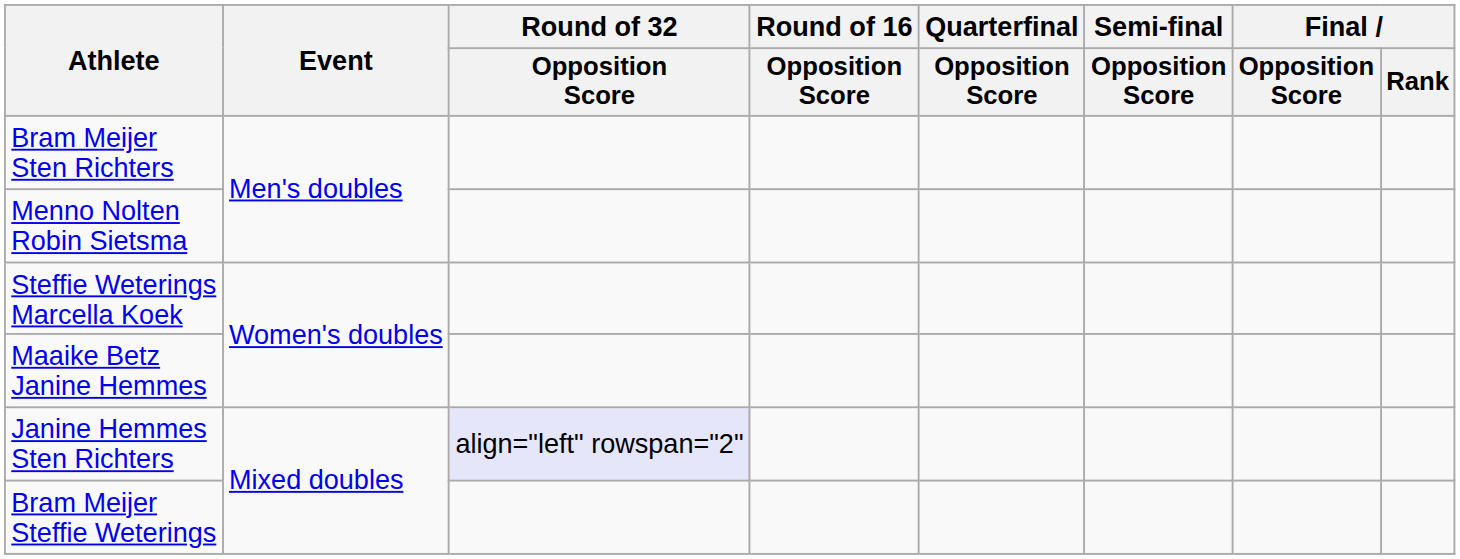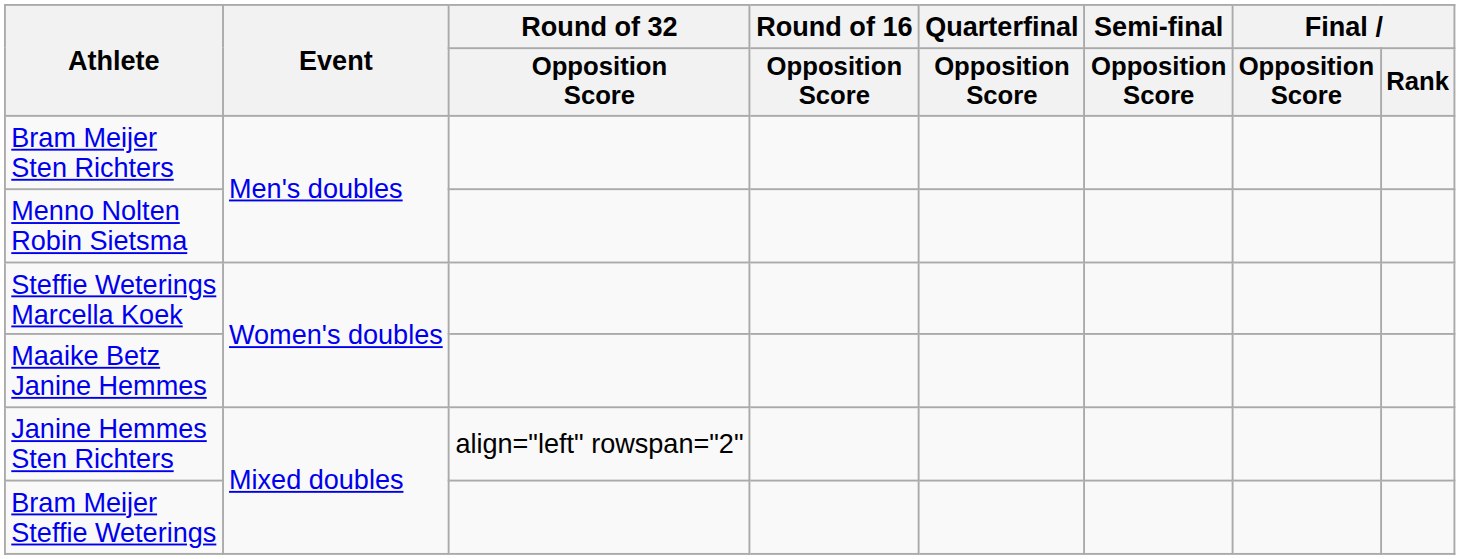 <table class="wikitable" style="font-size:90%">
 <tr>
 <th rowspan=2>Athlete</th>
 <th rowspan=2>Event</th>
 <th>Round of 32</th>
 <th>Round of 16</th>
 <th>Quarterfinal</th>
 <th>Semi-final</th>
 <th colspan=2>Final / </th>
 </tr>
 <tr style=font-size:95%>
 <th>Opposition<br>Score</th>
 <th>Opposition<br>Score</th>
 <th>Opposition<br>Score</th>
 <th>Opposition<br>Score</th>
 <th>Opposition<br>Score</th>
 <th>Rank</th>
 </tr>
 <tr align=center>
 <td align="left"><a href='#'>Bram Meijer</a><br><a href='#'>Sten Richters</a></td>
 <td align="left" rowspan="2"><a href='#'>Men's doubles</a></td>
 <td></td>
 <td></td>
 <td></td>
 <td></td>
 <td></td>
 </tr>
 <tr align=center|>
 <td align="left"><a href='#'>Menno Nolten</a><br><a href='#'>Robin Sietsma</a></td>
 <td></td>
 <td></td>
 <td></td>
 <td></td>
 <td></td>
 <td></td>
 </tr>
 <tr align=center>
 <td align="left"><a href='#'>Steffie Weterings</a><br><a href='#'>Marcella Koek</a></td>
 <td align="left" rowspan="2"><a href='#'>Women's doubles</a></td>
 <td></td>
 <td></td>
 <td></td>
 <td></td>
 <td></td>
 <td></td>
 </tr>
 <tr align=center>
 <td align="left"><a href='#'>Maaike Betz</a><br><a href='#'>Janine Hemmes</a></td>
 <td></td>
 <td></td>
 <td></td>
 <td></td>
 <td></td>
 <td></td>
 </tr>
 <tr align=center>
 <td align="left"><a href='#'>Janine Hemmes</a><br><a href='#'>Sten Richters</a></td>
 <td align="left" rowspan="2"><a href='#'>Mixed doubles</a></td>
-<td style="background: lavender;">align="left" rowspan="2" </td>
+<td>align="left" rowspan="2" </td>
 <td></td>
 <td></td>
 <td></td>
 <td></td>
 <td></td>
 </tr>
 <tr align=center>
 <td align="left"><a href='#'>Bram Meijer</a><br><a href='#'>Steffie Weterings</a></td>
 <td></td>
 <td></td>
 <td></td>
 <td></td>
 <td></td>
 </tr>
 </table>
